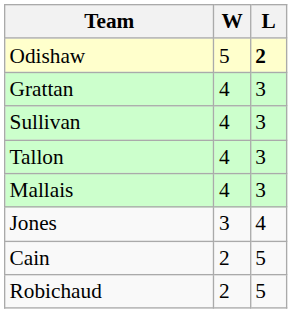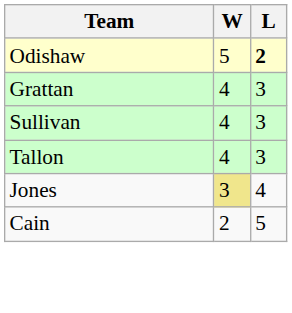 <table class=wikitable>
 <tr>
 <th width=150>Team</th>
 <th width=20>W</th>
 <th width=20>L</th>
 </tr>
 <tr style="background:#ffffcc;">
 <td>Odishaw</td>
 <td>5</td>
 <td><strong>2</strong></td>
 </tr>
 <tr style="background:#ccffcc;">
 <td>Grattan</td>
 <td>4</td>
 <td>3</td>
 </tr>
 <tr style="background:#ccffcc;">
 <td>Sullivan</td>
 <td>4</td>
 <td>3</td>
 </tr>
 <tr style="background:#ccffcc;">
 <td>Tallon</td>
 <td>4</td>
 <td>3</td>
 </tr>
-<tr style="background:#ccffcc;">
-<td>Mallais</td>
-<td>4</td>
-<td>3</td>
-</tr>
 <tr>
 <td>Jones</td>
-<td>3</td>
+<td style="background: khaki;">3</td>
 <td>4</td>
 </tr>
 <tr>
 <td>Cain</td>
 <td>2</td>
 <td>5</td>
 </tr>
-<tr>
-<td>Robichaud</td>
-<td>2</td>
-<td>5</td>
-</tr>
 </table>
